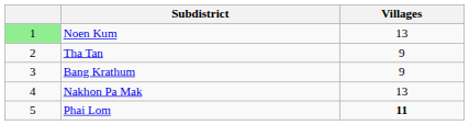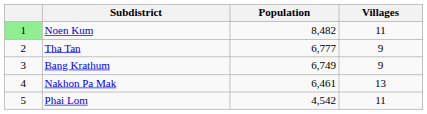 <table class="wikitable" style="width:48%; display:inline-table;">
 <tr>
 <th scope="col" style="width:9%;"> </th>
 <th scope="col" style="width:45%;">Subdistrict</th>
+<th scope="col" style="width:26%;">Population</th>
 <th scope="col" style="width:20%;">Villages</th>
 </tr>
 <tr>
 <td style="background: lightgreen; text-align:center;">1</td>
 <td><a href='#'>Noen Kum</a></td>
-<td style="text-align:center;">13</td>
+<td style="text-align:right;">8,482</td>
+<td style="text-align:center;">11</td>
 </tr>
 <tr>
 <td style="text-align:center;">2</td>
 <td><a href='#'>Tha Tan</a></td>
+<td style="text-align:right;">6,777</td>
 <td style="text-align:center;">9</td>
 </tr>
 <tr>
 <td style="text-align:center;">3</td>
 <td><a href='#'>Bang Krathum</a></td>
+<td style="text-align:right;">6,749</td>
 <td style="text-align:center;">9</td>
 </tr>
 <tr>
 <td style="text-align:center;">4</td>
 <td><a href='#'>Nakhon Pa Mak</a></td>
+<td style="text-align:right;">6,461</td>
 <td style="text-align:center;">13</td>
 </tr>
 <tr>
 <td style="text-align:center;">5</td>
 <td><a href='#'>Phai Lom</a></td>
-<td style="text-align:center;"><strong>11</strong></td>
+<td style="text-align:right;">4,542</td>
+<td style="text-align:center;">11</td>
 </tr>
 </table>
